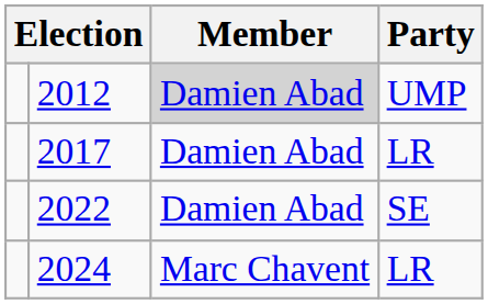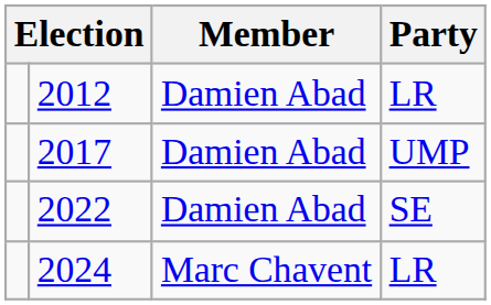 <table class="wikitable">
 <tr>
 <th colspan="2">Election</th>
 <th>Member</th>
 <th>Party</th>
 </tr>
 <tr>
 <td style="color:inherit;background-color: "></td>
 <td><a href='#'>2012</a></td>
-<td style="background: lightgrey;"><a href='#'>Damien Abad</a></td>
-<td><a href='#'>UMP</a></td>
+<td><a href='#'>Damien Abad</a></td>
+<td><a href='#'>LR</a></td>
 </tr>
 <tr>
 <td style="color:inherit;background-color: "></td>
 <td><a href='#'>2017</a></td>
 <td><a href='#'>Damien Abad</a></td>
-<td><a href='#'>LR</a></td>
+<td><a href='#'>UMP</a></td>
 </tr>
 <tr>
 <td style="color:inherit;background-color: "></td>
 <td><a href='#'>2022</a></td>
 <td><a href='#'>Damien Abad</a></td>
 <td><a href='#'>SE</a></td>
 </tr>
 <tr>
 <td style="color:inherit;background-color: "></td>
 <td><a href='#'>2024</a></td>
 <td><a href='#'>Marc Chavent</a></td>
 <td><a href='#'>LR</a></td>
 </tr>
 </table>
